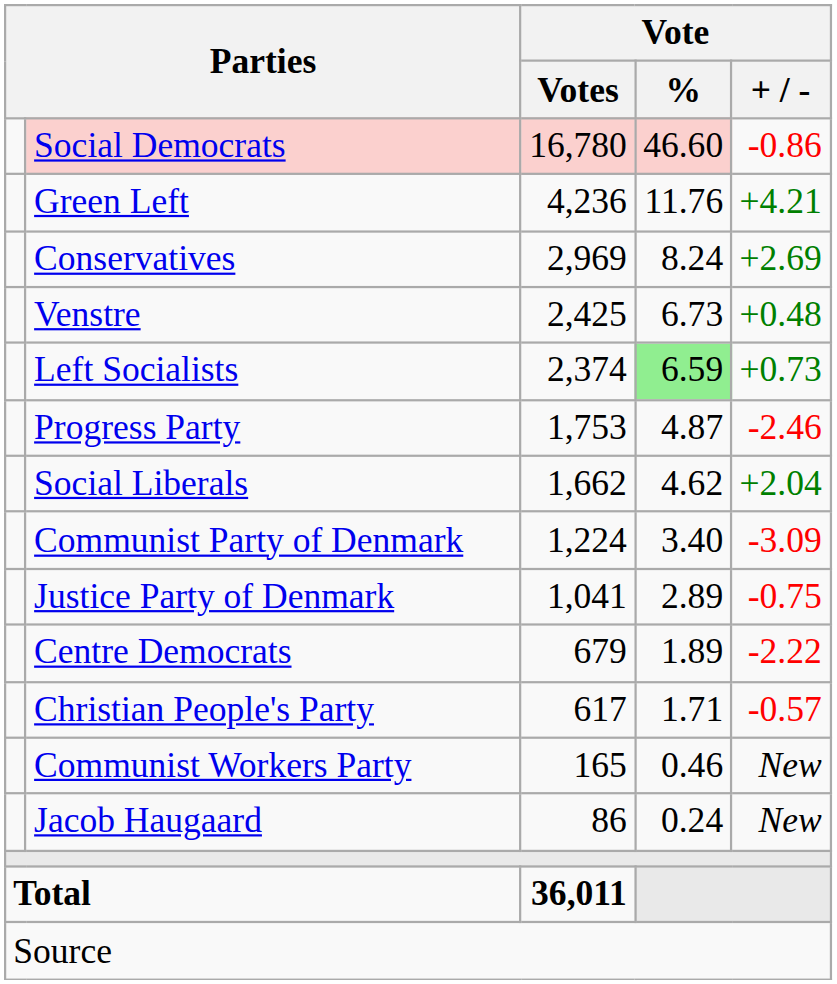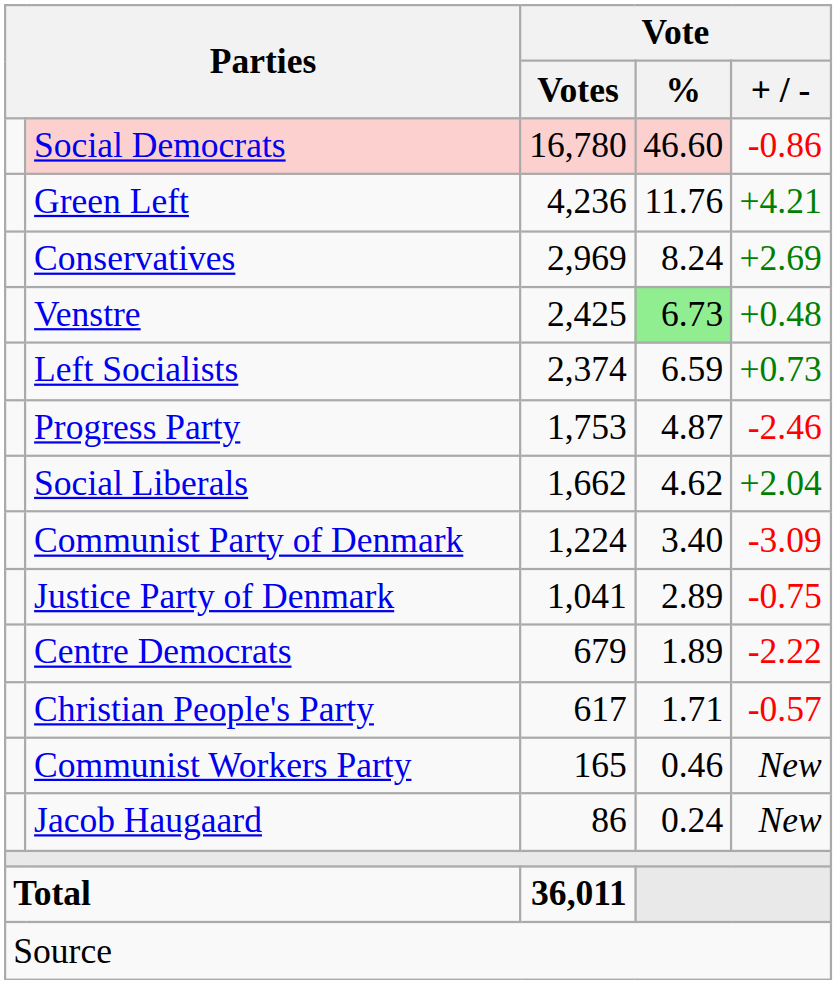 <table class="wikitable" style="text-align:right;">
 <tr>
 <th style="text-align:centre;" rowspan="2" colspan="2" width="225">Parties</th>
 <th colspan="3">Vote</th>
 </tr>
 <tr>
 <th width="15">Votes</th>
 <th width="15">%</th>
 <th width="15">+ / -</th>
 </tr>
 <tr>
 <td width="2" style="color:inherit;background:"></td>
 <td bgcolor=#fbd0ce  align="left"><a href='#'>Social Democrats</a></td>
 <td bgcolor=#fbd0ce>16,780</td>
 <td bgcolor=#fbd0ce>46.60</td>
 <td style=color:red;>-0.86</td>
 </tr>
 <tr>
 <td width="2" style="color:inherit;background:"></td>
 <td align="left"><a href='#'>Green Left</a></td>
 <td>4,236</td>
 <td>11.76</td>
 <td style=color:green;>+4.21</td>
 </tr>
 <tr>
 <td width="2" style="color:inherit;background:"></td>
 <td align="left"><a href='#'>Conservatives</a></td>
 <td>2,969</td>
 <td>8.24</td>
 <td style=color:green;>+2.69</td>
 </tr>
 <tr>
 <td width="2" style="color:inherit;background:"></td>
 <td align="left"><a href='#'>Venstre</a></td>
 <td>2,425</td>
-<td>6.73</td>
+<td style="background: lightgreen;">6.73</td>
 <td style=color:green;>+0.48</td>
 </tr>
 <tr>
 <td width="2" style="color:inherit;background:"></td>
 <td align="left"><a href='#'>Left Socialists</a></td>
 <td>2,374</td>
-<td style="background: lightgreen;">6.59</td>
+<td>6.59</td>
 <td style=color:green;>+0.73</td>
 </tr>
 <tr>
 <td width="2" style="color:inherit;background:"></td>
 <td align="left"><a href='#'>Progress Party</a></td>
 <td>1,753</td>
 <td>4.87</td>
 <td style=color:red;>-2.46</td>
 </tr>
 <tr>
 <td width="2" style="color:inherit;background:"></td>
 <td align="left"><a href='#'>Social Liberals</a></td>
 <td>1,662</td>
 <td>4.62</td>
 <td style=color:green;>+2.04</td>
 </tr>
 <tr>
 <td width="2" style="color:inherit;background:"></td>
 <td align="left"><a href='#'>Communist Party of Denmark</a></td>
 <td>1,224</td>
 <td>3.40</td>
 <td style=color:red;>-3.09</td>
 </tr>
 <tr>
 <td width="2" style="color:inherit;background:"></td>
 <td align="left"><a href='#'>Justice Party of Denmark</a></td>
 <td>1,041</td>
 <td>2.89</td>
 <td style=color:red;>-0.75</td>
 </tr>
 <tr>
 <td width="2" style="color:inherit;background:"></td>
 <td align="left"><a href='#'>Centre Democrats</a></td>
 <td>679</td>
 <td>1.89</td>
 <td style=color:red;>-2.22</td>
 </tr>
 <tr>
 <td width="2" style="color:inherit;background:"></td>
 <td align="left"><a href='#'>Christian People's Party</a></td>
 <td>617</td>
 <td>1.71</td>
 <td style=color:red;>-0.57</td>
 </tr>
 <tr>
 <td width="2" style="color:inherit;background:"></td>
 <td align="left"><a href='#'>Communist Workers Party</a></td>
 <td>165</td>
 <td>0.46</td>
 <td><em>New</em></td>
 </tr>
 <tr>
 <td width="2" style="color:inherit;background:"></td>
 <td align="left"><a href='#'>Jacob Haugaard</a></td>
 <td>86</td>
 <td>0.24</td>
 <td><em>New</em></td>
 </tr>
 <tr>
 <td colspan="7" bgcolor="#E9E9E9"></td>
 </tr>
 <tr>
 <td align="left" colspan="2"><strong>Total</strong></td>
 <td><strong>36,011</strong></td>
 <td bgcolor="#E9E9E9" colspan="2"></td>
 </tr>
 <tr>
 <td align="left" colspan="6">Source</td>
 </tr>
 </table>
